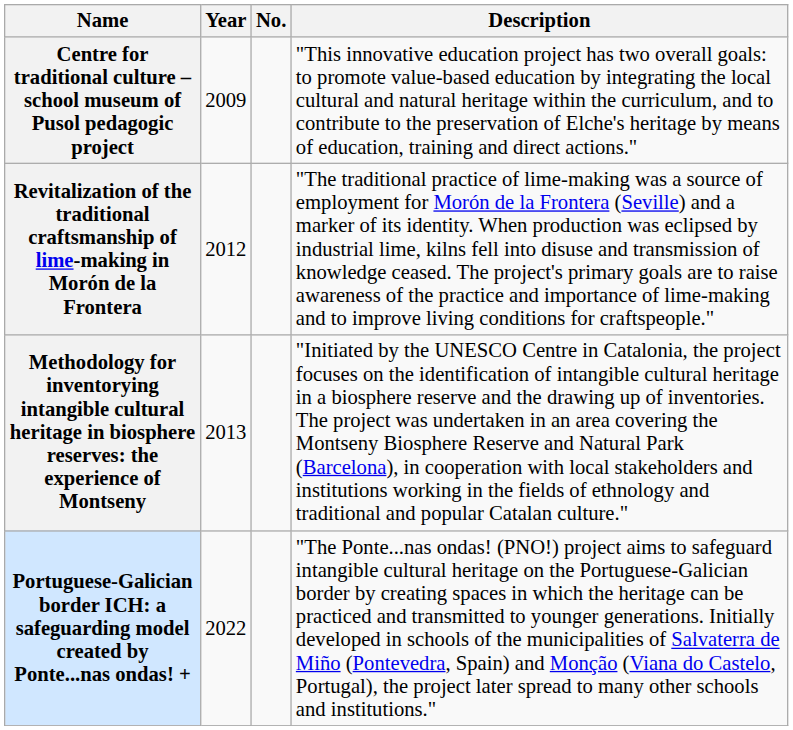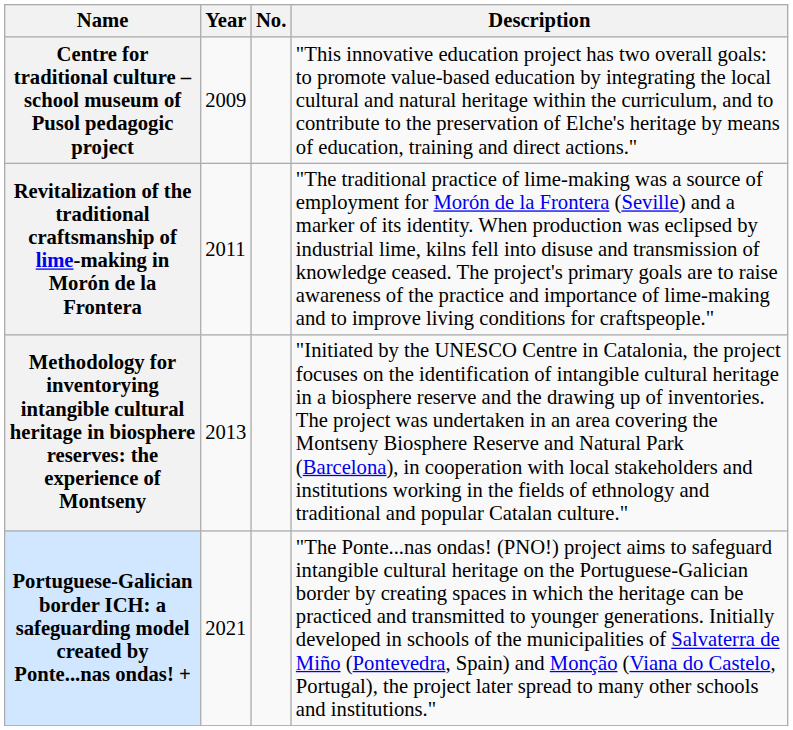 <table class="wikitable sortable plainrowheaders">
 <tr>
 <th style="width:25%">Name</th>
 <th>Year</th>
 <th>No.</th>
 <th class="unsortable">Description</th>
 </tr>
 <tr>
 <th scope="row">Centre for traditional culture – school museum of Pusol pedagogic project</th>
 <td>2009</td>
 <td></td>
 <td>"This innovative education project has two overall goals: to promote value-based education by integrating the local cultural and natural heritage within the curriculum, and to contribute to the preservation of Elche's heritage by means of education, training and direct actions."</td>
 </tr>
 <tr>
 <th scope="row">Revitalization of the traditional craftsmanship of <a href='#'>lime</a>-making in Morón de la Frontera</th>
-<td>2012</td>
+<td>2011</td>
 <td></td>
 <td>"The traditional practice of lime-making was a source of employment for <a href='#'>Morón de la Frontera</a> (<a href='#'>Seville</a>) and a marker of its identity. When production was eclipsed by industrial lime, kilns fell into disuse and transmission of knowledge ceased. The project's primary goals are to raise awareness of the practice and importance of lime-making and to improve living conditions for craftspeople."</td>
 </tr>
 <tr>
 <th scope="row">Methodology for inventorying intangible cultural heritage in biosphere reserves: the experience of Montseny</th>
 <td>2013</td>
 <td></td>
 <td>"Initiated by the UNESCO Centre in Catalonia, the project focuses on the identification of intangible cultural heritage in a biosphere reserve and the drawing up of inventories. The project was undertaken in an area covering the Montseny Biosphere Reserve and Natural Park (<a href='#'>Barcelona</a>), in cooperation with local stakeholders and institutions working in the fields of ethnology and traditional and popular Catalan culture."</td>
 </tr>
 <tr>
 <th scope="row" style="background:#D0E7FF;">Portuguese-Galician border ICH: a safeguarding model created by Ponte...nas ondas! +</th>
-<td>2022</td>
+<td>2021</td>
 <td></td>
 <td>"The Ponte...nas ondas! (PNO!) project aims to safeguard intangible cultural heritage on the Portuguese-Galician border by creating spaces in which the heritage can be practiced and transmitted to younger generations. Initially developed in schools of the municipalities of <a href='#'>Salvaterra de Miño</a> (<a href='#'>Pontevedra</a>, Spain) and <a href='#'>Monção</a> (<a href='#'>Viana do Castelo</a>, Portugal), the project later spread to many other schools and institutions."</td>
 </tr>
 </table>
